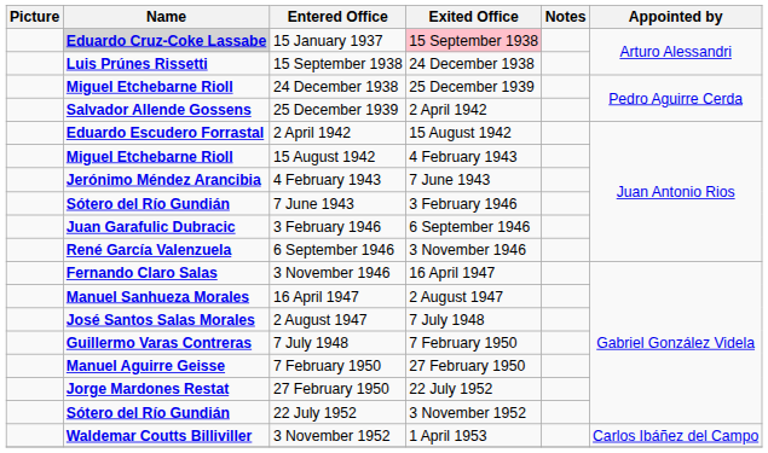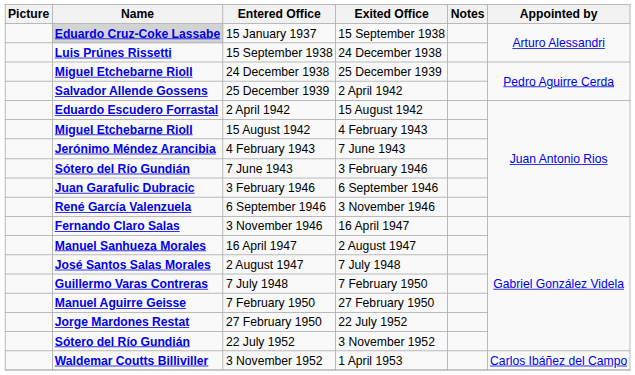 <table class="wikitable" style="margin:1em auto; font-size:95%;">
 <tr>
 <th>Picture</th>
 <th>Name</th>
 <th>Entered Office</th>
 <th>Exited Office</th>
 <th>Notes</th>
 <th>Appointed by</th>
 </tr>
 <tr>
 <td></td>
 <td style="background: lightgrey;"><strong><a href='#'>Eduardo Cruz-Coke Lassabe</a></strong></td>
 <td>15 January 1937</td>
-<td style="background: pink;">15 September 1938</td>
+<td>15 September 1938</td>
 <td></td>
 <td rowspan=2 align=center><a href='#'>Arturo Alessandri</a></td>
 </tr>
 <tr>
 <td></td>
 <td><strong><a href='#'>Luis Prúnes Rissetti</a></strong></td>
 <td>15 September 1938</td>
 <td>24 December 1938</td>
 <td></td>
 </tr>
 <tr>
 <td></td>
 <td><strong><a href='#'>Miguel Etchebarne Rioll</a></strong></td>
 <td>24 December 1938</td>
 <td>25 December 1939</td>
 <td></td>
 <td rowspan=2 align=center><a href='#'>Pedro Aguirre Cerda</a></td>
 </tr>
 <tr>
 <td></td>
 <td><strong><a href='#'>Salvador Allende Gossens</a></strong></td>
 <td>25 December 1939</td>
 <td>2 April 1942</td>
 <td></td>
 </tr>
 <tr>
 <td></td>
 <td><strong><a href='#'>Eduardo Escudero Forrastal</a></strong></td>
 <td>2 April 1942</td>
 <td>15 August 1942</td>
 <td></td>
 <td rowspan=6 align=center><a href='#'>Juan Antonio Rios</a></td>
 </tr>
 <tr>
 <td></td>
 <td><strong><a href='#'>Miguel Etchebarne Rioll</a></strong></td>
 <td>15 August 1942</td>
 <td>4 February 1943</td>
 <td></td>
 </tr>
 <tr>
 <td></td>
 <td><strong><a href='#'>Jerónimo Méndez Arancibia</a></strong></td>
 <td>4 February 1943</td>
 <td>7 June 1943</td>
 <td></td>
 </tr>
 <tr>
 <td></td>
 <td><strong><a href='#'>Sótero del Río Gundián</a></strong></td>
 <td>7 June 1943</td>
 <td>3 February 1946</td>
 <td></td>
 </tr>
 <tr>
 <td></td>
 <td><strong><a href='#'>Juan Garafulic Dubracic</a></strong></td>
 <td>3 February 1946</td>
 <td>6 September 1946</td>
 <td></td>
 </tr>
 <tr>
 <td></td>
 <td><strong><a href='#'>René García Valenzuela</a></strong></td>
 <td>6 September 1946</td>
 <td>3 November 1946</td>
 <td></td>
 </tr>
 <tr>
 <td></td>
 <td><strong><a href='#'>Fernando Claro Salas</a></strong></td>
 <td>3 November 1946</td>
 <td>16 April 1947</td>
 <td></td>
 <td rowspan=7 align=center><a href='#'>Gabriel González Videla</a></td>
 </tr>
 <tr>
 <td></td>
 <td><strong><a href='#'>Manuel Sanhueza Morales</a></strong></td>
 <td>16 April 1947</td>
 <td>2 August 1947</td>
 <td></td>
 </tr>
 <tr>
 <td></td>
 <td><strong><a href='#'>José Santos Salas Morales</a></strong></td>
 <td>2 August 1947</td>
 <td>7 July 1948</td>
 <td></td>
 </tr>
 <tr>
 <td></td>
 <td><strong><a href='#'>Guillermo Varas Contreras</a></strong></td>
 <td>7 July 1948</td>
 <td>7 February 1950</td>
 <td></td>
 </tr>
 <tr>
 <td></td>
 <td><strong><a href='#'>Manuel Aguirre Geisse</a></strong></td>
 <td>7 February 1950</td>
 <td>27 February 1950</td>
 <td></td>
 </tr>
 <tr>
 <td></td>
 <td><strong><a href='#'>Jorge Mardones Restat</a></strong></td>
 <td>27 February 1950</td>
 <td>22 July 1952</td>
 <td></td>
 </tr>
 <tr>
 <td></td>
 <td><strong><a href='#'>Sótero del Río Gundián</a></strong></td>
 <td>22 July 1952</td>
 <td>3 November 1952</td>
 <td></td>
 </tr>
 <tr>
 <td></td>
 <td><strong><a href='#'>Waldemar Coutts Billiviller</a></strong></td>
 <td>3 November 1952</td>
 <td>1 April 1953</td>
 <td></td>
 <td rowspan=1 align=center><a href='#'>Carlos Ibáñez del Campo</a></td>
 </tr>
 <tr>
 </tr>
 </table>
